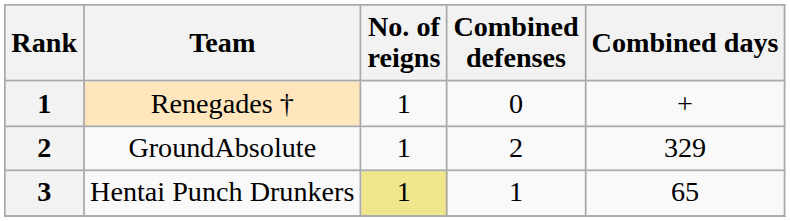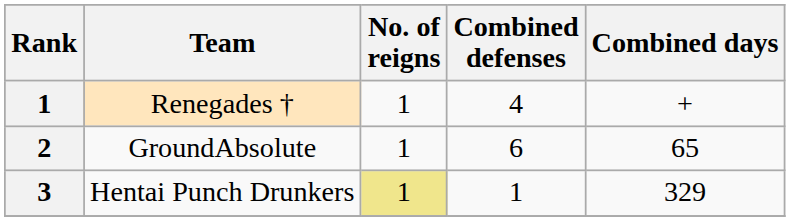 <table class="wikitable sortable" style="text-align: center">
 <tr>
 <th>Rank</th>
 <th>Team</th>
 <th data-sort-type="number">No. of<br>reigns</th>
 <th data-sort-type="number">Combined<br>defenses</th>
 <th data-sort-type="number">Combined days</th>
 </tr>
 <tr>
 <th>1</th>
 <td style="background-color: #ffe6bd">Renegades †<br></td>
 <td>1</td>
-<td>0</td>
+<td>4</td>
 <td>+</td>
 </tr>
 <tr>
 <th>2</th>
 <td>GroundAbsolute<br></td>
 <td>1</td>
-<td>2</td>
-<td>329</td>
+<td>6</td>
+<td>65</td>
 </tr>
 <tr>
 <th>3</th>
 <td>Hentai Punch Drunkers<br></td>
 <td style="background: khaki;">1</td>
 <td>1</td>
-<td>65</td>
+<td>329</td>
 </tr>
 <tr>
 </tr>
 </table>
